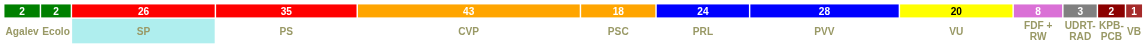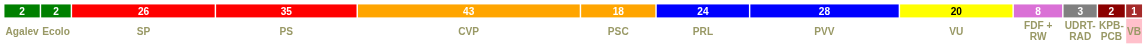 <table style="width:100%; font-size:88%; text-align:center;">
 <tr style="font-weight:bold">
 <td style="background:green; width:2.3%; color:white">2</td>
 <td style="background:green; width:2.2%; color:white">2</td>
 <td style="background:red; width:12.4%; color:white">26</td>
 <td style="background:red; width:12.2%; color:white">35</td>
 <td style="background:orange; width:19.3%; color:white">43</td>
 <td style="background:orange; width:6.5%; color:white">18</td>
 <td style="background:blue; width:8.0%; color:white">24</td>
 <td style="background:blue; width:12.9%; color:white">28</td>
 <td style="background:yellow; width:9.8%; color:black">20</td>
 <td style="background:orchid; width:4.2%; color:white">8</td>
 <td style="background:gray; width:2.2%; color:white">3</td>
 <td style="background:darkred; width:1.0%; color:white">2</td>
 <td style="background:brown; width:1.1%; color:white">1</td>
 </tr>
 <tr style="font-weight:bold; color:#996;">
 <td>Agalev</td>
 <td>Ecolo</td>
-<td style="background: paleturquoise;">SP</td>
+<td>SP</td>
 <td>PS</td>
 <td>CVP</td>
 <td>PSC</td>
 <td>PRL</td>
 <td>PVV</td>
 <td>VU</td>
 <td>FDF + RW</td>
 <td>UDRT-RAD</td>
 <td>KPB-PCB</td>
-<td>VB</td>
+<td style="background: pink;">VB</td>
 </tr>
 </table>
